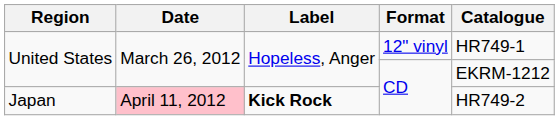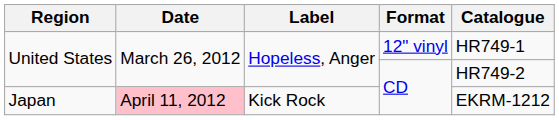 <table class="wikitable">
 <tr>
 <th>Region</th>
 <th>Date</th>
 <th>Label</th>
 <th>Format</th>
 <th>Catalogue</th>
 </tr>
 <tr>
 <td rowspan="2">United States</td>
 <td rowspan="2">March 26, 2012</td>
 <td rowspan="2"><a href='#'>Hopeless</a>, Anger</td>
 <td><a href='#'>12" vinyl</a></td>
 <td>HR749-1</td>
 </tr>
 <tr>
 <td rowspan="2"><a href='#'>CD</a></td>
-<td>EKRM-1212</td>
+<td>HR749-2</td>
 </tr>
 <tr>
 <td>Japan</td>
 <td style="background: pink;">April 11, 2012</td>
-<td><strong>Kick Rock</strong></td>
-<td>HR749-2</td>
+<td>Kick Rock</td>
+<td>EKRM-1212</td>
 </tr>
 </table>
